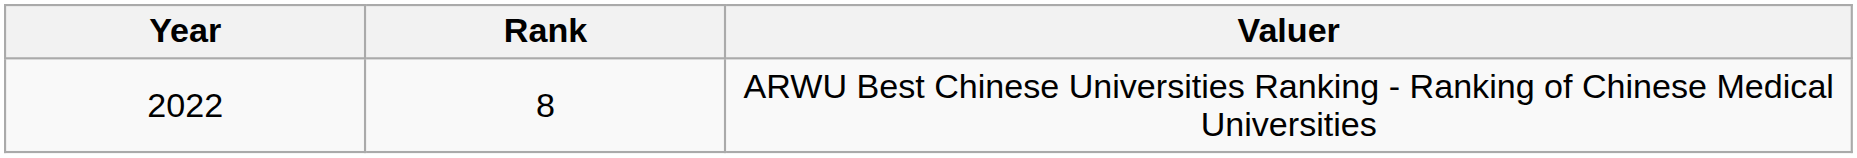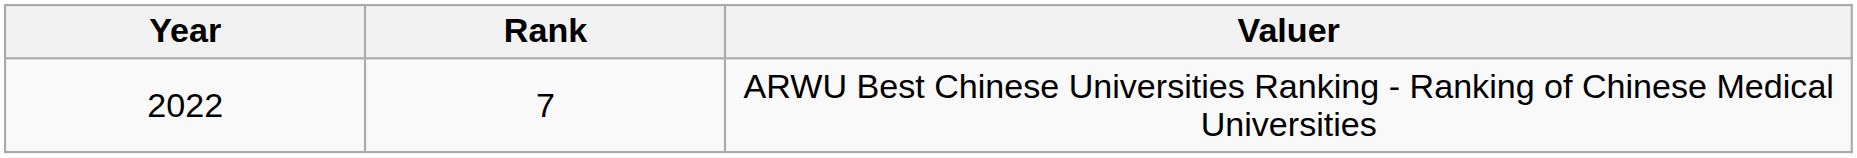 <table class="wikitable sortable">
 <tr>
 <th width="8%">Year</th>
 <th width="8%">Rank</th>
 <th width="25%">Valuer</th>
 </tr>
 <tr>
 <td align="center">2022</td>
-<td align="center">8</td>
+<td align="center">7</td>
 <td align="center">ARWU Best Chinese Universities Ranking - Ranking of Chinese Medical Universities</td>
 </tr>
 </table>
